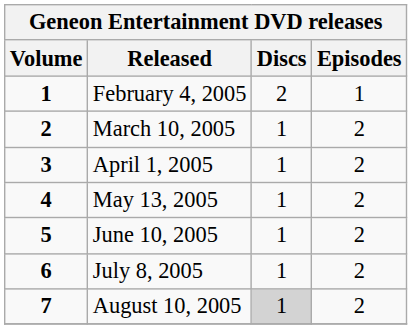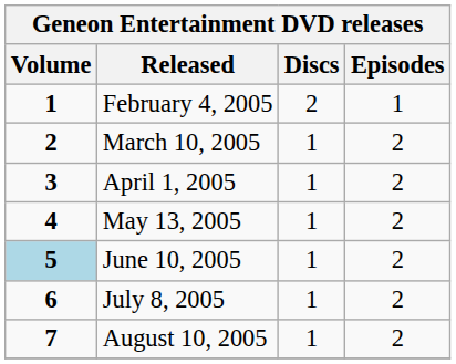 <table class="wikitable">
 <tr>
 <th colspan="9"><strong>Geneon Entertainment DVD releases</strong></th>
 </tr>
 <tr>
 <th><strong>Volume</strong></th>
 <th><strong>Released</strong></th>
 <th><strong>Discs</strong></th>
 <th><strong>Episodes</strong></th>
 </tr>
 <tr>
 <td align=center><strong>1</strong></td>
 <td>February 4, 2005</td>
 <td align=center>2</td>
 <td align=center>1</td>
 </tr>
 <tr>
 <td align=center><strong>2</strong></td>
 <td>March 10, 2005</td>
 <td align=center>1</td>
 <td align=center>2</td>
 </tr>
 <tr>
 <td align=center><strong>3</strong></td>
 <td>April 1, 2005</td>
 <td align=center>1</td>
 <td align=center>2</td>
 </tr>
 <tr>
 <td align=center><strong>4</strong></td>
 <td>May 13, 2005</td>
 <td align=center>1</td>
 <td align=center>2</td>
 </tr>
 <tr>
-<td align=center><strong>5</strong></td>
+<td align=center style="background: lightblue;"><strong>5</strong></td>
 <td>June 10, 2005</td>
 <td align=center>1</td>
 <td align=center>2</td>
 </tr>
 <tr>
 <td align=center><strong>6</strong></td>
 <td>July 8, 2005</td>
 <td align=center>1</td>
 <td align=center>2</td>
 </tr>
 <tr>
 <td align=center><strong>7</strong></td>
 <td>August 10, 2005</td>
-<td align=center style="background: lightgrey;">1</td>
+<td align=center>1</td>
 <td align=center>2</td>
 </tr>
 <tr>
 </tr>
 </table>
